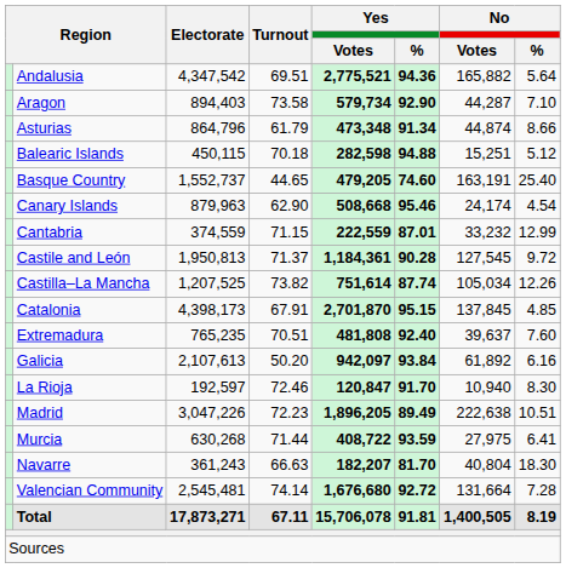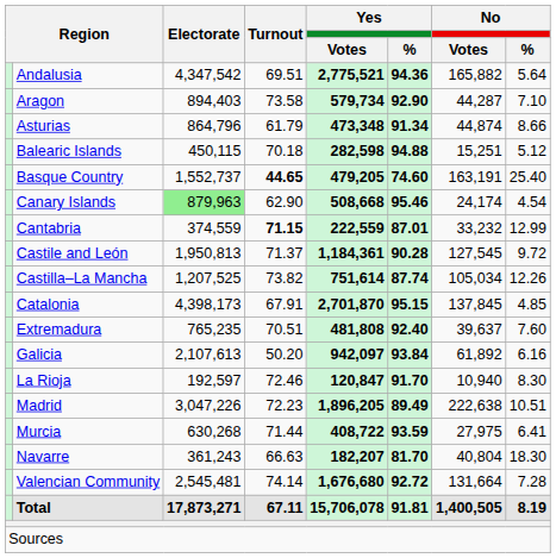 <table class="wikitable sortable" style="text-align:right; line-height:20px;">
 <tr>
 <th width="150" colspan="2" rowspan="3">Region</th>
 <th rowspan="3">Electorate</th>
 <th rowspan="3">Turnout</th>
 <th width="120" colspan="2">Yes</th>
 <th width="120" colspan="2">No</th>
 </tr>
 <tr>
 <th colspan="2" style="background:#088A29;"></th>
 <th colspan="2" style="background:#E90000;"></th>
 </tr>
 <tr>
 <th>Votes</th>
 <th>%</th>
 <th>Votes</th>
 <th>%</th>
 </tr>
 <tr>
 <td width="1" style="background:#CEF6D8;"></td>
 <td align="left"><a href='#'>Andalusia</a></td>
 <td>4,347,542</td>
 <td>69.51</td>
 <td style="background:#CEF6D8;"><strong>2,775,521</strong></td>
 <td style="background:#CEF6D8;"><strong>94.36</strong></td>
 <td>165,882</td>
 <td>5.64</td>
 </tr>
 <tr>
 <td style="background:#CEF6D8;"></td>
 <td align="left"><a href='#'>Aragon</a></td>
 <td>894,403</td>
 <td>73.58</td>
 <td style="background:#CEF6D8;"><strong>579,734</strong></td>
 <td style="background:#CEF6D8;"><strong>92.90</strong></td>
 <td>44,287</td>
 <td>7.10</td>
 </tr>
 <tr>
 <td style="background:#CEF6D8;"></td>
 <td align="left"><a href='#'>Asturias</a></td>
 <td>864,796</td>
 <td>61.79</td>
 <td style="background:#CEF6D8;"><strong>473,348</strong></td>
 <td style="background:#CEF6D8;"><strong>91.34</strong></td>
 <td>44,874</td>
 <td>8.66</td>
 </tr>
 <tr>
 <td style="background:#CEF6D8;"></td>
 <td align="left"><a href='#'>Balearic Islands</a></td>
 <td>450,115</td>
 <td>70.18</td>
 <td style="background:#CEF6D8;"><strong>282,598</strong></td>
 <td style="background:#CEF6D8;"><strong>94.88</strong></td>
 <td>15,251</td>
 <td>5.12</td>
 </tr>
 <tr>
 <td style="background:#CEF6D8;"></td>
 <td align="left"><a href='#'>Basque Country</a></td>
 <td>1,552,737</td>
-<td>44.65</td>
+<td><strong>44.65</strong></td>
 <td style="background:#CEF6D8;"><strong>479,205</strong></td>
 <td style="background:#CEF6D8;"><strong>74.60</strong></td>
 <td>163,191</td>
 <td>25.40</td>
 </tr>
 <tr>
 <td style="background:#CEF6D8;"></td>
 <td align="left"><a href='#'>Canary Islands</a></td>
-<td>879,963</td>
+<td style="background: lightgreen;">879,963</td>
 <td>62.90</td>
 <td style="background:#CEF6D8;"><strong>508,668</strong></td>
 <td style="background:#CEF6D8;"><strong>95.46</strong></td>
 <td>24,174</td>
 <td>4.54</td>
 </tr>
 <tr>
 <td style="background:#CEF6D8;"></td>
 <td align="left"><a href='#'>Cantabria</a></td>
 <td>374,559</td>
-<td>71.15</td>
+<td><strong>71.15</strong></td>
 <td style="background:#CEF6D8;"><strong>222,559</strong></td>
 <td style="background:#CEF6D8;"><strong>87.01</strong></td>
 <td>33,232</td>
 <td>12.99</td>
 </tr>
 <tr>
 <td style="background:#CEF6D8;"></td>
 <td align="left"><a href='#'>Castile and León</a></td>
 <td>1,950,813</td>
 <td>71.37</td>
 <td style="background:#CEF6D8;"><strong>1,184,361</strong></td>
 <td style="background:#CEF6D8;"><strong>90.28</strong></td>
 <td>127,545</td>
 <td>9.72</td>
 </tr>
 <tr>
 <td style="background:#CEF6D8;"></td>
 <td align="left"><a href='#'>Castilla–La Mancha</a></td>
 <td>1,207,525</td>
 <td>73.82</td>
 <td style="background:#CEF6D8;"><strong>751,614</strong></td>
 <td style="background:#CEF6D8;"><strong>87.74</strong></td>
 <td>105,034</td>
 <td>12.26</td>
 </tr>
 <tr>
 <td style="background:#CEF6D8;"></td>
 <td align="left"><a href='#'>Catalonia</a></td>
 <td>4,398,173</td>
 <td>67.91</td>
 <td style="background:#CEF6D8;"><strong>2,701,870</strong></td>
 <td style="background:#CEF6D8;"><strong>95.15</strong></td>
 <td>137,845</td>
 <td>4.85</td>
 </tr>
 <tr>
 <td style="background:#CEF6D8;"></td>
 <td align="left"><a href='#'>Extremadura</a></td>
 <td>765,235</td>
 <td>70.51</td>
 <td style="background:#CEF6D8;"><strong>481,808</strong></td>
 <td style="background:#CEF6D8;"><strong>92.40</strong></td>
 <td>39,637</td>
 <td>7.60</td>
 </tr>
 <tr>
 <td style="background:#CEF6D8;"></td>
 <td align="left"><a href='#'>Galicia</a></td>
 <td>2,107,613</td>
 <td>50.20</td>
 <td style="background:#CEF6D8;"><strong>942,097</strong></td>
 <td style="background:#CEF6D8;"><strong>93.84</strong></td>
 <td>61,892</td>
 <td>6.16</td>
 </tr>
 <tr>
 <td style="background:#CEF6D8;"></td>
 <td align="left"><a href='#'>La Rioja</a></td>
 <td>192,597</td>
 <td>72.46</td>
 <td style="background:#CEF6D8;"><strong>120,847</strong></td>
 <td style="background:#CEF6D8;"><strong>91.70</strong></td>
 <td>10,940</td>
 <td>8.30</td>
 </tr>
 <tr>
 <td style="background:#CEF6D8;"></td>
 <td align="left"><a href='#'>Madrid</a></td>
 <td>3,047,226</td>
 <td>72.23</td>
 <td style="background:#CEF6D8;"><strong>1,896,205</strong></td>
 <td style="background:#CEF6D8;"><strong>89.49</strong></td>
 <td>222,638</td>
 <td>10.51</td>
 </tr>
 <tr>
 <td style="background:#CEF6D8;"></td>
 <td align="left"><a href='#'>Murcia</a></td>
 <td>630,268</td>
 <td>71.44</td>
 <td style="background:#CEF6D8;"><strong>408,722</strong></td>
 <td style="background:#CEF6D8;"><strong>93.59</strong></td>
 <td>27,975</td>
 <td>6.41</td>
 </tr>
 <tr>
 <td style="background:#CEF6D8;"></td>
 <td align="left"><a href='#'>Navarre</a></td>
 <td>361,243</td>
 <td>66.63</td>
 <td style="background:#CEF6D8;"><strong>182,207</strong></td>
 <td style="background:#CEF6D8;"><strong>81.70</strong></td>
 <td>40,804</td>
 <td>18.30</td>
 </tr>
 <tr>
 <td style="background:#CEF6D8;"></td>
 <td align="left"><a href='#'>Valencian Community</a></td>
 <td>2,545,481</td>
 <td>74.14</td>
 <td style="background:#CEF6D8;"><strong>1,676,680</strong></td>
 <td style="background:#CEF6D8;"><strong>92.72</strong></td>
 <td>131,664</td>
 <td>7.28</td>
 </tr>
 <tr style="font-weight:bold;background:#E4E4E4;">
 <td style="background:#CEF6D8;"></td>
 <td align="left">Total</td>
 <td>17,873,271</td>
 <td>67.11</td>
 <td style="background:#CEF6D8;">15,706,078</td>
 <td style="background:#CEF6D8;">91.81</td>
 <td>1,400,505</td>
 <td>8.19</td>
 </tr>
 <tr>
 <th colspan="8"></th>
 </tr>
 <tr>
 <th style="text-align:left; font-weight:normal; background:#F9F9F9" colspan="8">Sources</th>
 </tr>
 </table>
